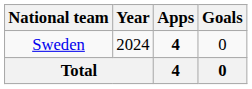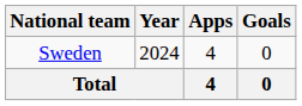 <table class="wikitable" style="text-align: center;">
 <tr>
 <th>National team</th>
 <th>Year</th>
 <th>Apps</th>
 <th>Goals</th>
 </tr>
 <tr>
 <td><a href='#'>Sweden</a></td>
 <td>2024</td>
-<td><strong>4</strong></td>
+<td>4</td>
 <td>0</td>
 </tr>
 <tr>
 <th colspan="2">Total</th>
 <th>4</th>
 <th>0</th>
 </tr>
 </table>
